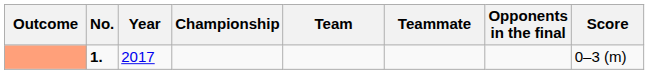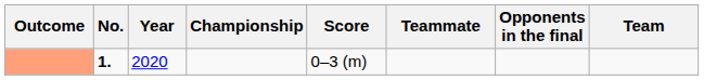 <table class="sortable wikitable">
 <tr>
 <th style="width:80px;">Outcome</th>
 <th style="width:20px;">No.</th>
 <th style="width:50px;">Year</th>
 <th style="width:60px;">Championship</th>
-<th style="width:100px;">Team</th>
+<th style="width:70px;">Score</th>
 <th style="width:100px;">Teammate</th>
 <th style="width:60px;">Opponents in the final</th>
-<th style="width:70px;">Score</th>
+<th style="width:100px;">Team</th>
 </tr>
 <tr style=>
 <td style="background:#ffa07a;"></td>
 <td><strong>1.</strong></td>
-<td><a href='#'>2017</a></td>
+<td><a href='#'>2020</a></td>
+<td></td>
+<td>0–3 (m)</td>
 <td></td>
 <td></td>
 <td></td>
-<td></td>
-<td>0–3 (m)</td>
 </tr>
 </table>
